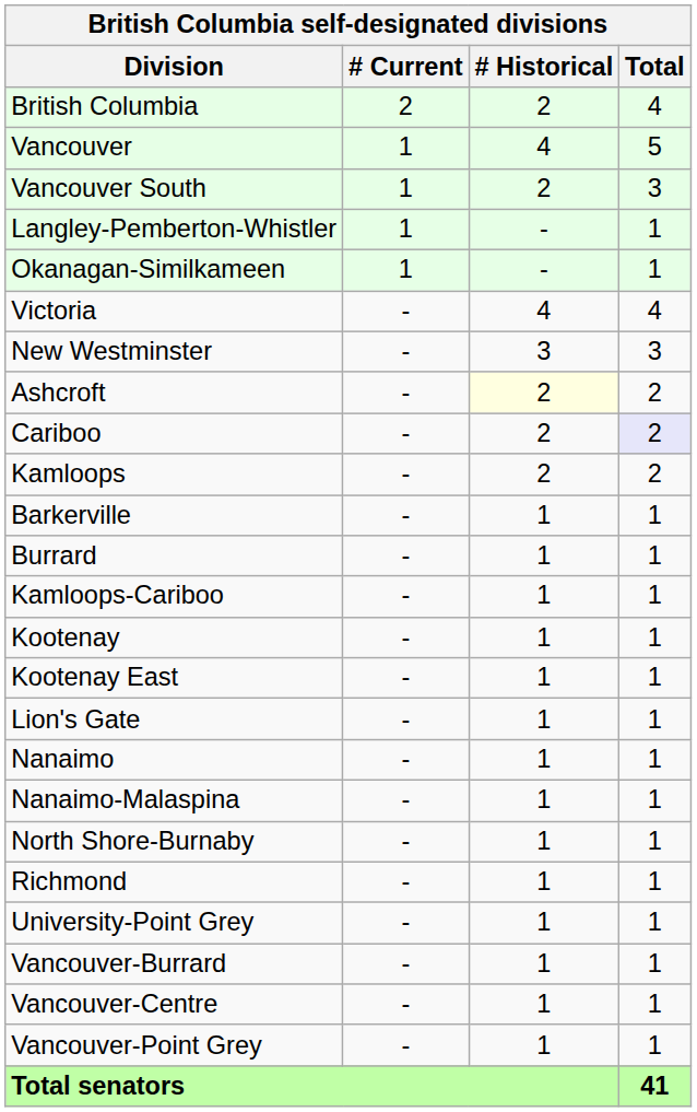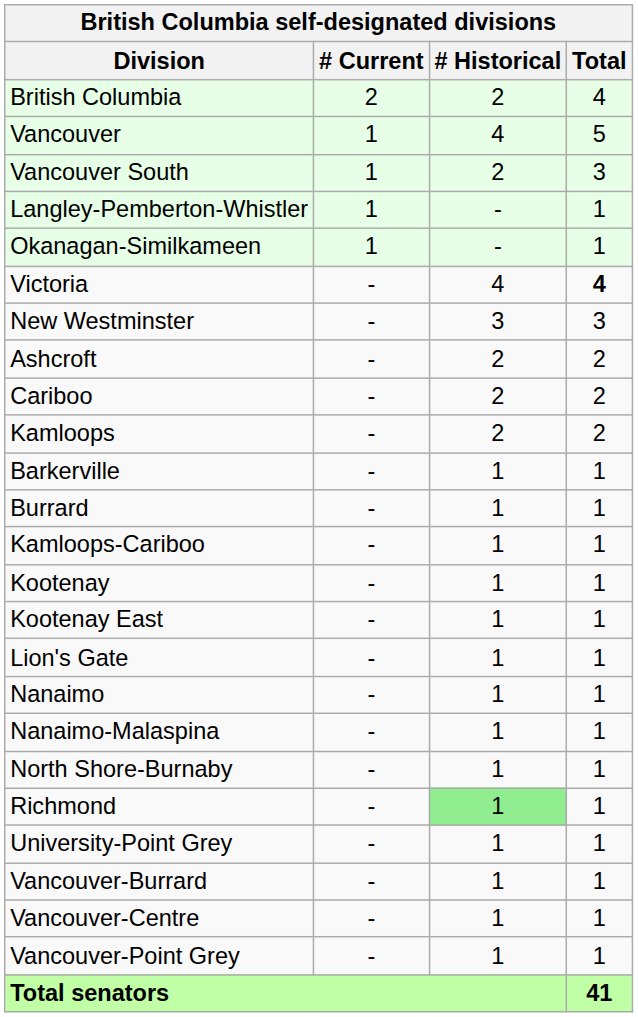 <table class="wikitable collapsible collapsed">
 <tr>
 <th colspan="4" align="center"><strong>British Columbia self-designated divisions</strong></th>
 </tr>
 <tr>
 <th align=left>Division</th>
 <th align=center># Current</th>
 <th align=center># Historical</th>
 <th align=center>Total</th>
 </tr>
 <tr bgcolor="#E6FFE6">
 <td align=left>British Columbia</td>
 <td align=center>2</td>
 <td align=center>2</td>
 <td align=center>4</td>
 </tr>
 <tr bgcolor="#E6FFE6">
 <td align=left>Vancouver</td>
 <td align=center>1</td>
 <td align=center>4</td>
 <td align=center>5</td>
 </tr>
 <tr bgcolor="#E6FFE6">
 <td align=left>Vancouver South</td>
 <td align=center>1</td>
 <td align=center>2</td>
 <td align=center>3</td>
 </tr>
 <tr bgcolor="#E6FFE6">
 <td align=left>Langley-Pemberton-Whistler</td>
 <td align=center>1</td>
 <td align=center>-</td>
 <td align=center>1</td>
 </tr>
 <tr bgcolor="#E6FFE6">
 <td align=left>Okanagan-Similkameen</td>
 <td align=center>1</td>
 <td align=center>-</td>
 <td align=center>1</td>
 </tr>
 <tr>
 <td align=left>Victoria</td>
 <td align=center>-</td>
 <td align=center>4</td>
-<td align=center>4</td>
+<td align=center><strong>4</strong></td>
 </tr>
 <tr>
 <td align=left>New Westminster</td>
 <td align=center>-</td>
 <td align=center>3</td>
 <td align=center>3</td>
 </tr>
 <tr>
 <td align=left>Ashcroft</td>
 <td align=center>-</td>
-<td align=center style="background: lightyellow;">2</td>
+<td align=center>2</td>
 <td align=center>2</td>
 </tr>
 <tr>
 <td align=left>Cariboo</td>
 <td align=center>-</td>
 <td align=center>2</td>
-<td align=center style="background: lavender;">2</td>
+<td align=center>2</td>
 </tr>
 <tr>
 <td align=left>Kamloops</td>
 <td align=center>-</td>
 <td align=center>2</td>
 <td align=center>2</td>
 </tr>
 <tr>
 <td align=left>Barkerville</td>
 <td align=center>-</td>
 <td align=center>1</td>
 <td align=center>1</td>
 </tr>
 <tr>
 <td align=left>Burrard</td>
 <td align=center>-</td>
 <td align=center>1</td>
 <td align=center>1</td>
 </tr>
 <tr>
 <td align=left>Kamloops-Cariboo</td>
 <td align=center>-</td>
 <td align=center>1</td>
 <td align=center>1</td>
 </tr>
 <tr>
 <td align=left>Kootenay</td>
 <td align=center>-</td>
 <td align=center>1</td>
 <td align=center>1</td>
 </tr>
 <tr>
 <td align=left>Kootenay East</td>
 <td align=center>-</td>
 <td align=center>1</td>
 <td align=center>1</td>
 </tr>
 <tr>
 <td align=left>Lion's Gate</td>
 <td align=center>-</td>
 <td align=center>1</td>
 <td align=center>1</td>
 </tr>
 <tr>
 <td align=left>Nanaimo</td>
 <td align=center>-</td>
 <td align=center>1</td>
 <td align=center>1</td>
 </tr>
 <tr>
 <td align=left>Nanaimo-Malaspina</td>
 <td align=center>-</td>
 <td align=center>1</td>
 <td align=center>1</td>
 </tr>
 <tr>
 <td align=left>North Shore-Burnaby</td>
 <td align=center>-</td>
 <td align=center>1</td>
 <td align=center>1</td>
 </tr>
 <tr>
 <td align=left>Richmond</td>
 <td align=center>-</td>
-<td align=center>1</td>
+<td align=center style="background: lightgreen;">1</td>
 <td align=center>1</td>
 </tr>
 <tr>
 <td align=left>University-Point Grey</td>
 <td align=center>-</td>
 <td align=center>1</td>
 <td align=center>1</td>
 </tr>
 <tr>
 <td align=left>Vancouver-Burrard</td>
 <td align=center>-</td>
 <td align=center>1</td>
 <td align=center>1</td>
 </tr>
 <tr>
 <td align=left>Vancouver-Centre</td>
 <td align=center>-</td>
 <td align=center>1</td>
 <td align=center>1</td>
 </tr>
 <tr>
 <td align=left>Vancouver-Point Grey</td>
 <td align=center>-</td>
 <td align=center>1</td>
 <td align=center>1</td>
 </tr>
 <tr bgcolor=#C0FFA6>
 <td align=left colspan=3><strong>Total senators</strong></td>
 <td align=center><strong>41</strong></td>
 </tr>
 </table>
